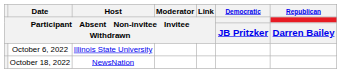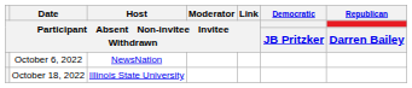 <table class="wikitable mw-collapsible"  style="text-align:center;">
 <tr style="font-size:small;">
 <th scope="col"></th>
 <th scope="col">Date</th>
 <th scope="col">Host</th>
 <th scope="col">Moderator</th>
 <th scope="col">Link</th>
 <th scope="col"><small><a href='#'>Democratic</a></small></th>
 <th scope="col"><small><a href='#'>Republican</a></small></th>
 </tr>
 <tr>
 <th colspan="5" rowspan="2"> <small>Participant  </small> <small>Absent  </small> <small>Non-invitee  </small> <small>Invitee</small><br><small> Withdrawn</small></th>
 <th scope="col" style="background:"></th>
 <th scope="col" style="background:#E81B23;"></th>
 </tr>
 <tr>
 <th scope="col"><a href='#'>JB Pritzker</a></th>
 <th scope="col"><a href='#'>Darren Bailey</a></th>
 </tr>
 <tr style="background:#FFFFFF;font-size:small;">
 <th scope="row"></th>
 <td style="white-space:nowrap;">October 6, 2022</td>
-<td style="white-space:nowrap;"><a href='#'>Illinois State University</a></td>
+<td style="white-space:nowrap;"><a href='#'>NewsNation</a></td>
 <td style="white-space:nowrap;"></td>
 <td style="white-space:nowrap;"></td>
 <td></td>
 <td></td>
 </tr>
 <tr style="background:#FFFFFF;font-size:small;">
 <th scope="row"></th>
 <td style="white-space:nowrap;">October 18, 2022</td>
-<td style="white-space:nowrap;"><a href='#'>NewsNation</a></td>
+<td style="white-space:nowrap;"><a href='#'>Illinois State University</a></td>
 <td style="white-space:nowrap;"></td>
 <td style="white-space:nowrap;"></td>
 <td></td>
 <td></td>
 </tr>
 </table>
